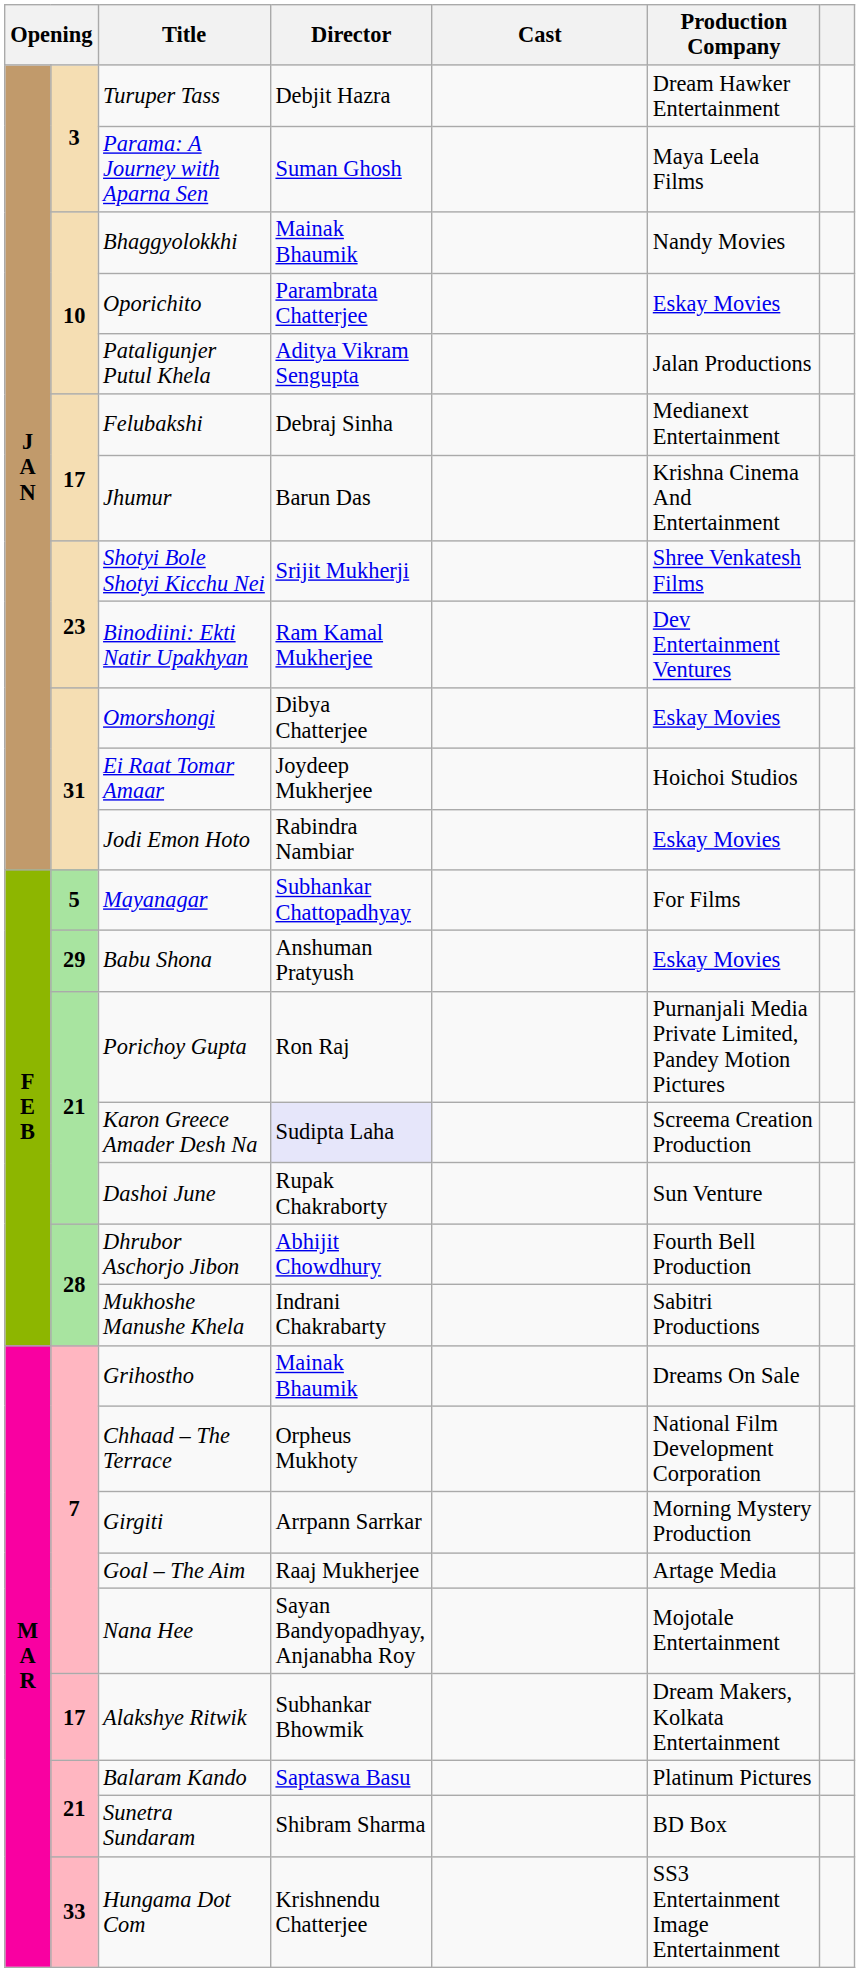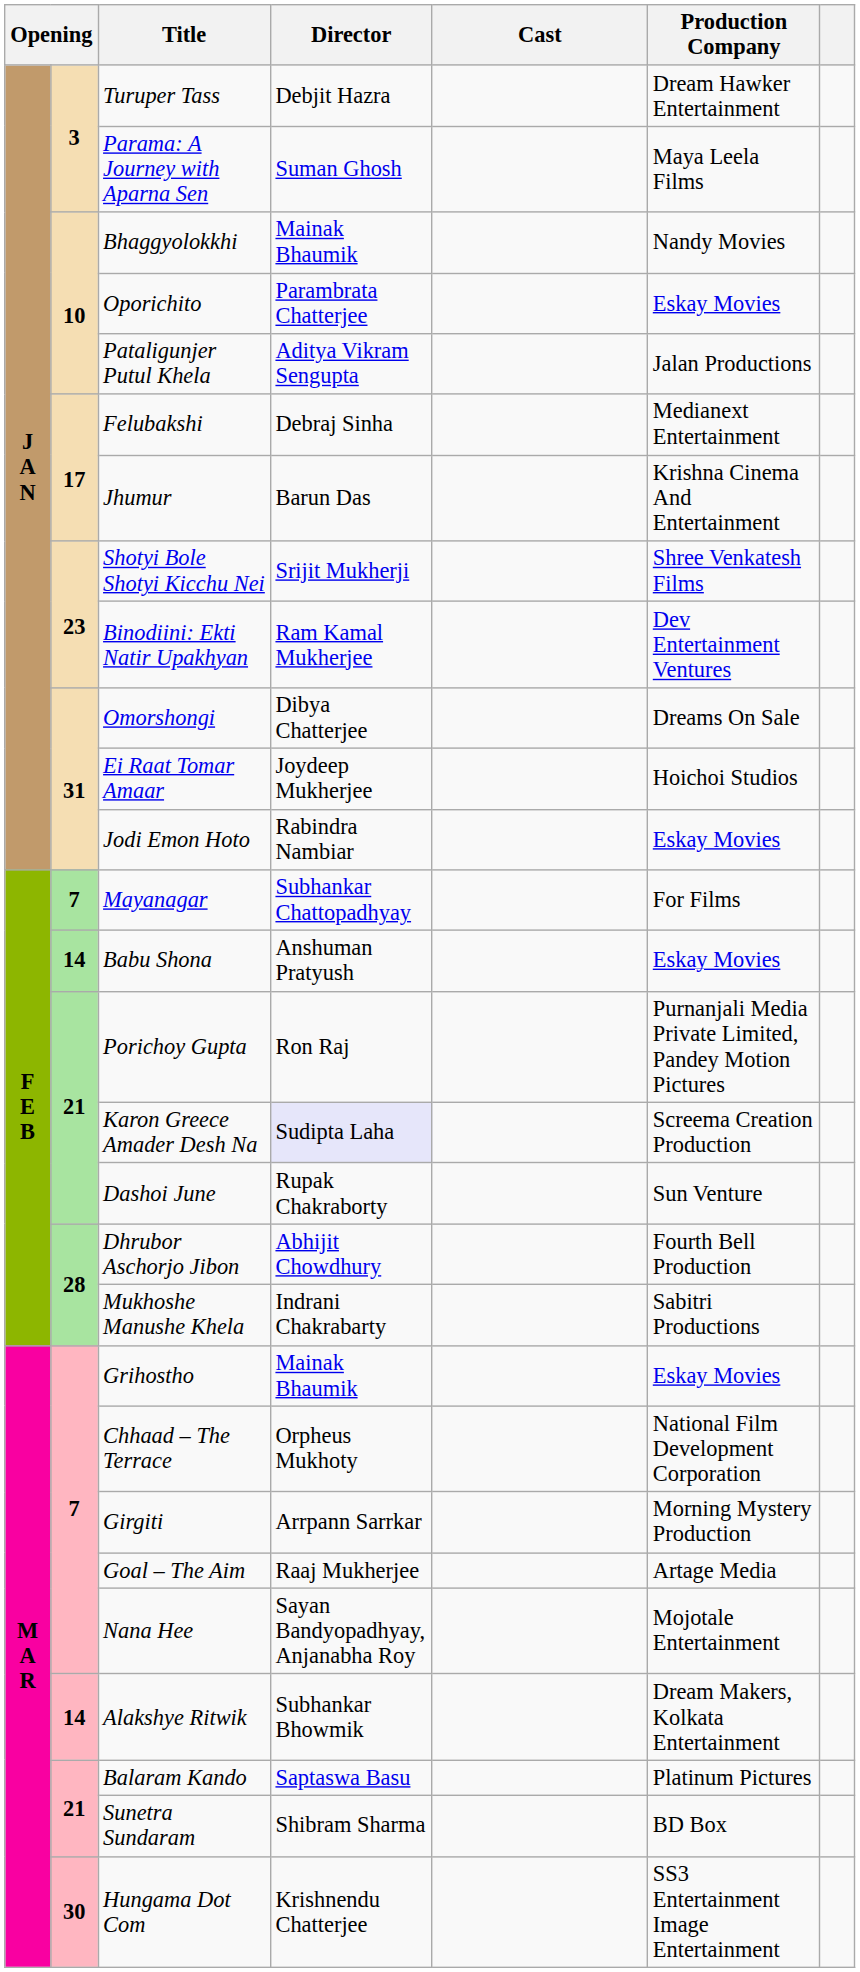 <table class="wikitable sortable">
 <tr>
 <th colspan="2" style="width:6%;"><strong>Opening</strong></th>
 <th style="width:20%;">Title</th>
 <th style="width:15%;">Director</th>
 <th style="width:25%;">Cast</th>
 <th style="width:20%;">Production Company</th>
 <th style="width:4%;"><strong></strong></th>
 </tr>
 <tr>
 <th rowspan="12" style="text-align:center; background:#C19A6B; textcolor:#000;"><strong>J<br>A<br>N</strong></th>
 <td rowspan="2" style="text-align:center;background:#F5DEB3;"><strong>3</strong></td>
 <td><em>Turuper Tass</em></td>
 <td>Debjit Hazra</td>
 <td></td>
 <td>Dream Hawker Entertainment</td>
 <td></td>
 </tr>
 <tr>
 <td><em><a href='#'>Parama: A Journey with Aparna Sen</a></em></td>
 <td><a href='#'>Suman Ghosh</a></td>
 <td></td>
 <td>Maya Leela Films</td>
 <td></td>
 </tr>
 <tr>
 <td rowspan="3" style="text-align:center;background:#F5DEB3;"><br><strong>10</strong></td>
 <td><em>Bhaggyolokkhi</em></td>
 <td><a href='#'>Mainak Bhaumik</a></td>
 <td></td>
 <td>Nandy Movies</td>
 <td></td>
 </tr>
 <tr>
 <td><em>Oporichito</em></td>
 <td><a href='#'>Parambrata Chatterjee</a></td>
 <td></td>
 <td><a href='#'>Eskay Movies</a></td>
 <td></td>
 </tr>
 <tr>
 <td><em>Pataligunjer Putul Khela</em></td>
 <td><a href='#'>Aditya Vikram Sengupta</a></td>
 <td></td>
 <td>Jalan Productions</td>
 <td></td>
 </tr>
 <tr>
 <td rowspan="2" style="text-align:center;background:#F5DEB3;"><br><strong>17</strong></td>
 <td><em>Felubakshi</em></td>
 <td>Debraj Sinha</td>
 <td></td>
 <td>Medianext Entertainment</td>
 <td></td>
 </tr>
 <tr>
 <td><em>Jhumur</em></td>
 <td>Barun Das</td>
 <td></td>
 <td>Krishna Cinema And Entertainment</td>
 <td></td>
 </tr>
 <tr>
 <td rowspan="2" style="text-align:center;background:#F5DEB3;"><br><strong>23</strong></td>
 <td><em><a href='#'>Shotyi Bole Shotyi Kicchu Nei</a></em></td>
 <td><a href='#'>Srijit Mukherji</a></td>
 <td></td>
 <td><a href='#'>Shree Venkatesh Films</a></td>
 <td></td>
 </tr>
 <tr>
 <td><em><a href='#'>Binodiini: Ekti Natir Upakhyan</a></em></td>
 <td><a href='#'>Ram Kamal Mukherjee</a></td>
 <td></td>
 <td><a href='#'>Dev Entertainment Ventures</a></td>
 <td></td>
 </tr>
 <tr>
 <td rowspan="3" style="text-align:center;background:#F5DEB3;"><br><strong>31</strong></td>
 <td><em><a href='#'>Omorshongi</a></em></td>
 <td>Dibya Chatterjee</td>
 <td></td>
-<td><a href='#'>Eskay Movies</a></td>
+<td>Dreams On Sale</td>
 <td></td>
 </tr>
 <tr>
 <td><em><a href='#'>Ei Raat Tomar Amaar</a></em></td>
 <td>Joydeep Mukherjee</td>
 <td></td>
 <td>Hoichoi Studios</td>
 <td></td>
 </tr>
 <tr>
 <td><em>Jodi Emon Hoto</em></td>
 <td>Rabindra Nambiar</td>
 <td></td>
 <td><a href='#'>Eskay Movies</a></td>
 <td></td>
 </tr>
 <tr>
 <th rowspan="7" style="text-align:center; background:#8DB600; textcolor:#000;"><strong>F<br>E<br>B</strong></th>
-<td rowspan="1" style="text-align:center; background:#A8E4A0;"><strong>5</strong></td>
+<td rowspan="1" style="text-align:center; background:#A8E4A0;"><strong>7</strong></td>
 <td><a href='#'><em>Mayanagar</em></a></td>
 <td><a href='#'>Subhankar Chattopadhyay</a></td>
 <td></td>
 <td>For Films</td>
 <td></td>
 </tr>
 <tr>
-<td style="text-align:center; background:#A8E4A0;"><strong>29</strong></td>
+<td style="text-align:center; background:#A8E4A0;"><strong>14</strong></td>
 <td><em>Babu Shona</em></td>
 <td>Anshuman Pratyush</td>
 <td></td>
 <td><a href='#'>Eskay Movies</a></td>
 <td></td>
 </tr>
 <tr>
 <td rowspan="3" style="text-align:center; background:#A8E4A0;"><strong>21</strong></td>
 <td><em>Porichoy Gupta</em></td>
 <td>Ron Raj</td>
 <td></td>
 <td>Purnanjali Media Private Limited, Pandey Motion Pictures</td>
 <td></td>
 </tr>
 <tr>
 <td><em>Karon Greece Amader Desh Na</em></td>
 <td style="background: lavender;">Sudipta Laha</td>
 <td></td>
 <td>Screema Creation Production</td>
 <td></td>
 </tr>
 <tr>
 <td><em>Dashoi June</em></td>
 <td>Rupak Chakraborty</td>
 <td></td>
 <td>Sun Venture</td>
 <td></td>
 </tr>
 <tr>
 <td rowspan="2" style="text-align:center; background:#A8E4A0;"><strong>28</strong></td>
 <td><em>Dhrubor Aschorjo Jibon</em></td>
 <td><a href='#'>Abhijit Chowdhury</a></td>
 <td></td>
 <td>Fourth Bell Production</td>
 <td></td>
 </tr>
 <tr>
 <td><em>Mukhoshe Manushe Khela</em></td>
 <td>Indrani Chakrabarty</td>
 <td></td>
 <td>Sabitri Productions</td>
 <td></td>
 </tr>
 <tr>
 <td rowspan="10" style="text-align:center; background:#F900A1; textcolor:#000;"><strong>M<br>A<br>R</strong></td>
 <td rowspan="5" style="text-align:center; background: lightPink;"><strong>7</strong></td>
 <td><em>Grihostho</em></td>
 <td><a href='#'>Mainak Bhaumik</a></td>
 <td></td>
-<td>Dreams On Sale</td>
+<td><a href='#'>Eskay Movies</a></td>
 <td></td>
 </tr>
 <tr>
 <td><em>Chhaad – The Terrace</em></td>
 <td>Orpheus Mukhoty</td>
 <td></td>
 <td>National Film Development Corporation</td>
 <td></td>
 </tr>
 <tr>
 <td><em>Girgiti</em></td>
 <td>Arrpann Sarrkar</td>
 <td></td>
 <td>Morning Mystery Production</td>
 <td></td>
 </tr>
 <tr>
 <td><em>Goal – The Aim</em></td>
 <td>Raaj Mukherjee</td>
 <td></td>
 <td>Artage Media</td>
 <td></td>
 </tr>
 <tr>
 <td><em>Nana Hee</em></td>
 <td>Sayan Bandyopadhyay, Anjanabha Roy</td>
 <td></td>
 <td>Mojotale Entertainment</td>
 <td></td>
 </tr>
 <tr>
-<td rowspan="1" style="text-align:center; background: lightPink;"><strong>17</strong></td>
+<td rowspan="1" style="text-align:center; background: lightPink;"><strong>14</strong></td>
 <td><em>Alakshye Ritwik</em></td>
 <td>Subhankar Bhowmik</td>
 <td></td>
 <td>Dream Makers, Kolkata Entertainment</td>
 <td></td>
 </tr>
 <tr>
 <td rowspan="2" style="text-align:center; background: lightPink;"><strong>21</strong></td>
 <td><em>Balaram Kando</em></td>
 <td><a href='#'>Saptaswa Basu</a></td>
 <td></td>
 <td>Platinum Pictures</td>
 <td></td>
 </tr>
 <tr>
 <td><em>Sunetra Sundaram</em></td>
 <td>Shibram Sharma</td>
 <td></td>
 <td>BD Box</td>
 <td></td>
 </tr>
 <tr>
-<td rowspan="1" style="text-align:center; background: lightPink;"><strong>33</strong></td>
+<td rowspan="1" style="text-align:center; background: lightPink;"><strong>30</strong></td>
 <td><em>Hungama Dot Com</em></td>
 <td>Krishnendu Chatterjee</td>
 <td></td>
 <td>SS3 Entertainment <br> Image Entertainment</td>
 <td></td>
 </tr>
 <tr>
 </tr>
 </table>
